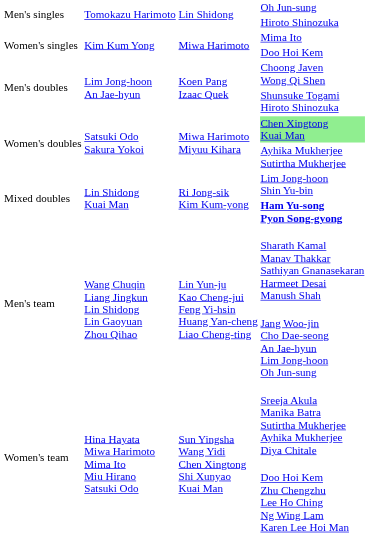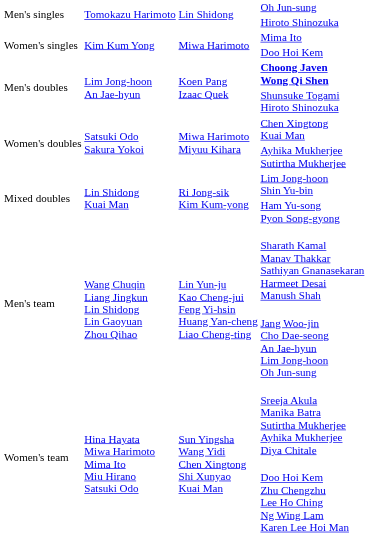 <table>
 <tr>
 <td rowspan=2>Men's singles<br></td>
 <td rowspan=2> <a href='#'>Tomokazu Harimoto</a></td>
 <td rowspan=2> <a href='#'>Lin Shidong</a></td>
 <td> <a href='#'>Oh Jun-sung</a></td>
 </tr>
 <tr>
 <td> <a href='#'>Hiroto Shinozuka</a></td>
 </tr>
 <tr>
 <td rowspan=2>Women's singles<br></td>
 <td rowspan=2> <a href='#'>Kim Kum Yong</a></td>
 <td rowspan=2> <a href='#'>Miwa Harimoto</a></td>
 <td> <a href='#'>Mima Ito</a></td>
 </tr>
 <tr>
 <td> <a href='#'>Doo Hoi Kem</a></td>
 </tr>
 <tr>
 <td rowspan=2>Men's doubles<br></td>
 <td rowspan=2> <a href='#'>Lim Jong-hoon</a><br> <a href='#'>An Jae-hyun</a></td>
 <td rowspan=2> <a href='#'>Koen Pang</a><br> <a href='#'>Izaac Quek</a></td>
-<td> <a href='#'>Choong Javen</a><br> <a href='#'>Wong Qi Shen</a></td>
+<td><strong> <a href='#'>Choong Javen</a><br> <a href='#'>Wong Qi Shen</a></strong></td>
 </tr>
 <tr>
 <td> <a href='#'>Shunsuke Togami</a><br> <a href='#'>Hiroto Shinozuka</a></td>
 </tr>
 <tr>
 <td rowspan=2>Women's doubles<br></td>
 <td rowspan=2> <a href='#'>Satsuki Odo</a> <br> <a href='#'>Sakura Yokoi</a></td>
 <td rowspan=2> <a href='#'>Miwa Harimoto</a><br> <a href='#'>Miyuu Kihara</a></td>
-<td style="background: lightgreen;"> <a href='#'>Chen Xingtong</a><br> <a href='#'>Kuai Man</a></td>
+<td> <a href='#'>Chen Xingtong</a><br> <a href='#'>Kuai Man</a></td>
 </tr>
 <tr>
 <td> <a href='#'>Ayhika Mukherjee</a><br> <a href='#'>Sutirtha Mukherjee</a></td>
 </tr>
 <tr>
 <td rowspan=2>Mixed doubles<br></td>
 <td rowspan=2> <a href='#'>Lin Shidong</a><br> <a href='#'>Kuai Man</a></td>
 <td rowspan=2> <a href='#'>Ri Jong-sik </a><br> <a href='#'>Kim Kum-yong</a></td>
 <td> <a href='#'>Lim Jong-hoon</a><br> <a href='#'>Shin Yu-bin</a></td>
 </tr>
 <tr>
-<td><strong> <a href='#'>Ham Yu-song</a><br> <a href='#'>Pyon Song-gyong</a></strong></td>
+<td> <a href='#'>Ham Yu-song</a><br> <a href='#'>Pyon Song-gyong</a></td>
 </tr>
 <tr>
 <td rowspan=2>Men's team<br></td>
 <td rowspan=2><br><a href='#'>Wang Chuqin</a><br><a href='#'>Liang Jingkun</a><br><a href='#'>Lin Shidong</a><br><a href='#'>Lin Gaoyuan</a><br><a href='#'>Zhou Qihao</a></td>
 <td rowspan=2><br><a href='#'>Lin Yun-ju</a><br><a href='#'>Kao Cheng-jui</a><br><a href='#'>Feng Yi-hsin</a><br><a href='#'>Huang Yan-cheng</a><br><a href='#'>Liao Cheng-ting</a></td>
 <td><br><a href='#'>Sharath Kamal</a><br><a href='#'>Manav Thakkar</a><br><a href='#'>Sathiyan Gnanasekaran</a><br><a href='#'>Harmeet Desai</a><br><a href='#'>Manush Shah</a></td>
 </tr>
 <tr>
 <td><br><a href='#'>Jang Woo-jin</a><br><a href='#'>Cho Dae-seong</a><br><a href='#'>An Jae-hyun</a><br><a href='#'>Lim Jong-hoon</a><br><a href='#'>Oh Jun-sung</a></td>
 </tr>
 <tr>
 <td rowspan=2>Women's team<br></td>
 <td rowspan=2><br><a href='#'>Hina Hayata</a><br><a href='#'>Miwa Harimoto</a><br><a href='#'>Mima Ito</a><br><a href='#'>Miu Hirano</a><br><a href='#'>Satsuki Odo</a></td>
 <td rowspan=2><br><a href='#'>Sun Yingsha</a><br><a href='#'>Wang Yidi</a><br><a href='#'>Chen Xingtong</a><br><a href='#'>Shi Xunyao</a><br><a href='#'>Kuai Man</a></td>
 <td><br><a href='#'>Sreeja Akula</a><br><a href='#'>Manika Batra</a><br><a href='#'>Sutirtha Mukherjee</a><br><a href='#'>Ayhika Mukherjee</a><br><a href='#'>Diya Chitale</a></td>
 </tr>
 <tr>
 <td><br><a href='#'>Doo Hoi Kem</a><br><a href='#'>Zhu Chengzhu</a><br><a href='#'>Lee Ho Ching</a><br><a href='#'>Ng Wing Lam</a><br><a href='#'>Karen Lee Hoi Man</a></td>
 </tr>
 </table>
